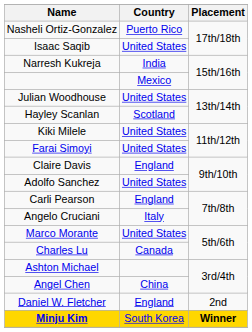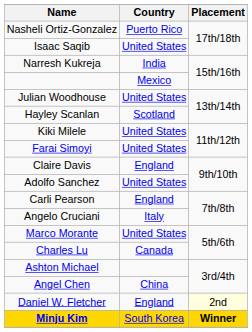 <table class="wikitable" style="text-align:center;">
 <tr>
 </tr>
 <tr>
 <th>Name</th>
 <th>Country</th>
 <th>Placement</th>
 </tr>
 <tr>
 <td>Nasheli Ortiz-Gonzalez</td>
 <td><a href='#'>Puerto Rico</a></td>
 <td rowspan="2">17th/18th</td>
 </tr>
 <tr>
 <td>Isaac Saqib</td>
 <td><a href='#'>United States</a></td>
 </tr>
 <tr>
 <td>Narresh Kukreja</td>
 <td><a href='#'>India</a></td>
 <td rowspan="2">15th/16th</td>
 </tr>
 <tr>
 <td></td>
 <td><a href='#'>Mexico</a></td>
 </tr>
 <tr>
 <td>Julian Woodhouse</td>
 <td><a href='#'>United States</a></td>
 <td rowspan="2">13th/14th</td>
 </tr>
 <tr>
 <td>Hayley Scanlan</td>
 <td><a href='#'>Scotland</a></td>
 </tr>
 <tr>
 <td>Kiki Milele</td>
 <td><a href='#'>United States</a></td>
 <td rowspan="2">11th/12th</td>
 </tr>
 <tr>
 <td><a href='#'>Farai Simoyi</a></td>
 <td><a href='#'>United States</a></td>
 </tr>
 <tr>
 <td>Claire Davis</td>
 <td><a href='#'>England</a></td>
 <td rowspan="2">9th/10th</td>
 </tr>
 <tr>
 <td>Adolfo Sanchez</td>
 <td><a href='#'>United States</a></td>
 </tr>
 <tr>
 <td>Carli Pearson</td>
 <td><a href='#'>England</a></td>
 <td rowspan="2">7th/8th</td>
 </tr>
 <tr>
 <td>Angelo Cruciani</td>
 <td><a href='#'>Italy</a></td>
 </tr>
 <tr>
 <td><a href='#'>Marco Morante</a></td>
 <td><a href='#'>United States</a></td>
 <td rowspan="2">5th/6th</td>
 </tr>
 <tr>
 <td><a href='#'>Charles Lu</a></td>
 <td><a href='#'>Canada</a></td>
 </tr>
 <tr>
 <td><a href='#'>Ashton Michael</a></td>
 <td></td>
 <td rowspan="2">3rd/4th</td>
 </tr>
 <tr>
 <td><a href='#'>Angel Chen</a></td>
 <td><a href='#'>China</a></td>
 </tr>
 <tr>
 <td><a href='#'>Daniel W. Fletcher</a></td>
 <td><a href='#'>England</a></td>
-<td>2nd</td>
+<td style="background: lightyellow;">2nd</td>
 </tr>
 <tr style="background:gold;"|>
 <td><strong><a href='#'>Minju Kim</a></strong></td>
 <td><a href='#'>South Korea</a></td>
 <td><strong>Winner</strong></td>
 </tr>
 <tr>
 </tr>
 </table>
